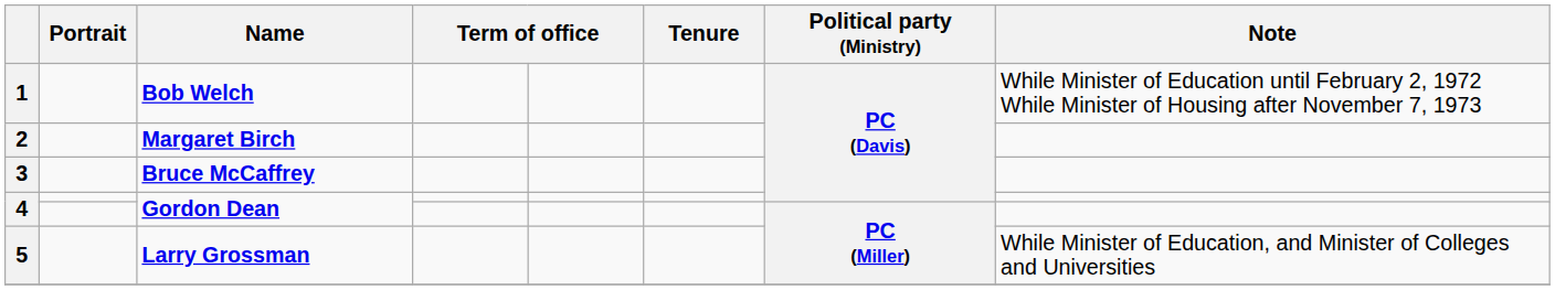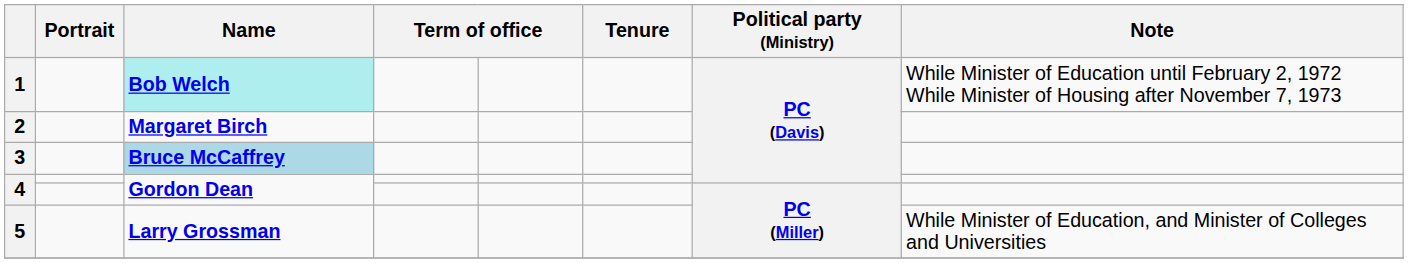 <table class="wikitable" style="width: 90%">
 <tr>
 <th></th>
 <th style="width: 65px;">Portrait</th>
 <th>Name</th>
 <th colspan=2>Term of office</th>
 <th>Tenure</th>
 <th>Political party<br><small>(Ministry)</small></th>
 <th style="width: 400px;">Note</th>
 </tr>
 <tr>
 <th style="background:">1</th>
 <td></td>
-<td><strong><a href='#'>Bob Welch</a></strong></td>
+<td style="background: paleturquoise;"><strong><a href='#'>Bob Welch</a></strong></td>
 <td></td>
 <td></td>
 <td></td>
 <th rowspan=4; style="background:"><a href='#'>PC</a><br><small>(<a href='#'>Davis</a>)</small></th>
 <td>While Minister of Education until February 2, 1972 <br> While Minister of Housing after November 7, 1973</td>
 </tr>
 <tr>
 <th style="background:">2</th>
 <td></td>
 <td><strong><a href='#'>Margaret Birch</a></strong></td>
 <td></td>
 <td></td>
 <td></td>
 <td></td>
 </tr>
 <tr>
 <th style="background:">3</th>
 <td></td>
-<td><strong><a href='#'>Bruce McCaffrey</a></strong></td>
+<td style="background: lightblue;"><strong><a href='#'>Bruce McCaffrey</a></strong></td>
 <td></td>
 <td></td>
 <td></td>
 <td></td>
 </tr>
 <tr>
 <th rowspan=2; style="background:">4</th>
 <td></td>
 <td rowspan=2 colspan=1><strong><a href='#'>Gordon Dean</a></strong></td>
 <td></td>
 <td></td>
 <td></td>
 </tr>
 <tr>
 <td></td>
 <td></td>
 <td></td>
 <td></td>
 <th rowspan=2; style="background:"><a href='#'>PC</a><br><small>(<a href='#'>Miller</a>)</small></th>
 <td></td>
 </tr>
 <tr>
 <th style="background:">5</th>
 <td></td>
 <td><strong><a href='#'>Larry Grossman</a></strong></td>
 <td></td>
 <td></td>
 <td></td>
 <td>While Minister of Education, and Minister of Colleges and Universities</td>
 </tr>
 <tr>
 </tr>
 </table>
